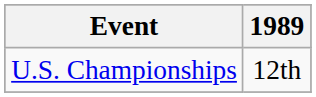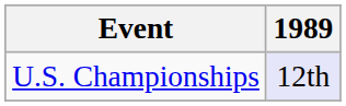 <table class="wikitable" style="text-align:center">
 <tr>
 <th>Event</th>
 <th>1989</th>
 </tr>
 <tr>
 <td align=left><a href='#'>U.S. Championships</a></td>
-<td>12th</td>
+<td style="background: lavender;">12th</td>
 </tr>
 </table>
